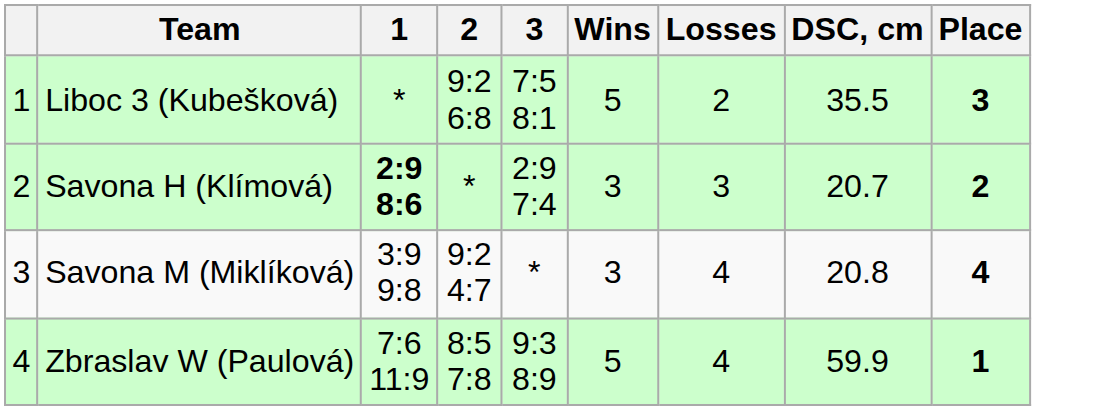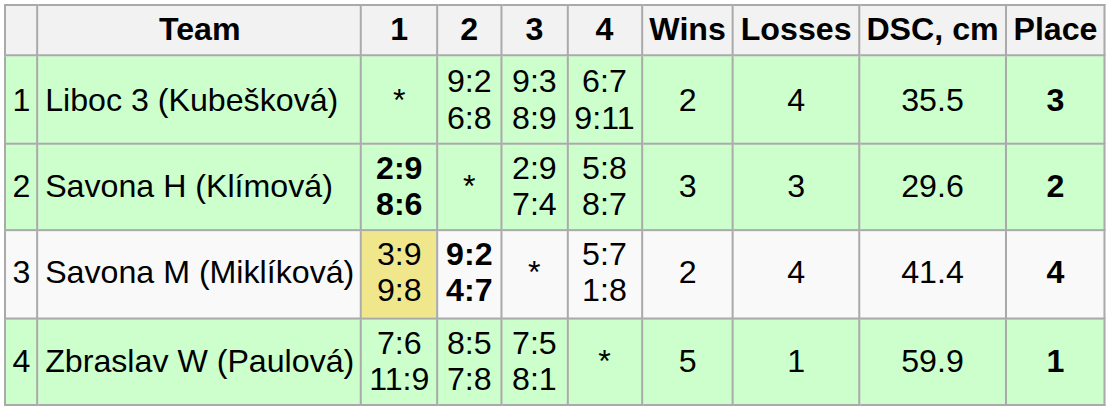 <table class="wikitable" style="text-align:center;">
 <tr>
 <th></th>
 <th>Team</th>
 <th width="25">1</th>
 <th width="25">2</th>
 <th width="25">3</th>
+<th width="25">4</th>
 <th width="20">Wins</th>
 <th width="20">Losses</th>
 <th>DSC, cm</th>
 <th>Place</th>
 </tr>
 <tr bgcolor=#cfc>
 <td>1</td>
 <td align=left>Liboc 3 (Kubešková)</td>
 <td>*</td>
 <td>9:2<br> 6:8</td>
-<td>7:5<br> 8:1</td>
-<td>5</td>
+<td>9:3<br> 8:9</td>
+<td>6:7<br>9:11</td>
 <td>2</td>
+<td>4</td>
 <td>35.5</td>
 <td><strong>3</strong></td>
 </tr>
 <tr bgcolor=#cfc>
 <td>2</td>
 <td align=left>Savona H (Klímová)</td>
 <td><strong>2:9<br> 8:6</strong></td>
 <td>*</td>
 <td>2:9<br> 7:4</td>
+<td>5:8<br> 8:7</td>
 <td>3</td>
 <td>3</td>
-<td>20.7</td>
+<td>29.6</td>
 <td><strong>2</strong></td>
 </tr>
 <tr>
 <td>3</td>
 <td align=left>Savona M (Miklíková)</td>
-<td>3:9<br> 9:8</td>
-<td>9:2<br> 4:7</td>
+<td style="background: khaki;">3:9<br> 9:8</td>
+<td><strong>9:2<br> 4:7</strong></td>
 <td>*</td>
-<td>3</td>
+<td>5:7<br> 1:8</td>
+<td>2</td>
 <td>4</td>
-<td>20.8</td>
+<td>41.4</td>
 <td><strong>4</strong></td>
 </tr>
 <tr bgcolor=#cfc>
 <td>4</td>
 <td align=left>Zbraslav W (Paulová)</td>
 <td>7:6<br>11:9</td>
 <td>8:5<br> 7:8</td>
-<td>9:3<br> 8:9</td>
+<td>7:5<br> 8:1</td>
+<td>*</td>
 <td>5</td>
-<td>4</td>
+<td>1</td>
 <td>59.9</td>
 <td><strong>1</strong></td>
 </tr>
 </table>
